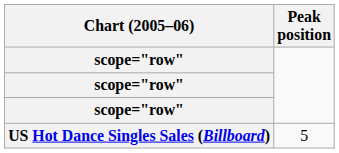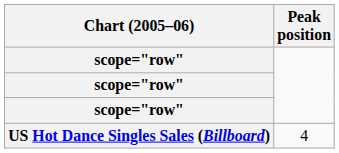 <table class="wikitable sortable plainrowheaders">
 <tr>
 <th>Chart (2005–06)</th>
 <th>Peak<br>position</th>
 </tr>
 <tr>
 <th>scope="row"</th>
 </tr>
 <tr>
 <th>scope="row"</th>
 </tr>
 <tr>
 <th>scope="row"</th>
 </tr>
 <tr>
 <th scope="row">US <a href='#'>Hot Dance Singles Sales</a> (<em><a href='#'>Billboard</a></em>)</th>
-<td align=center>5</td>
+<td align=center>4</td>
 </tr>
 </table>
